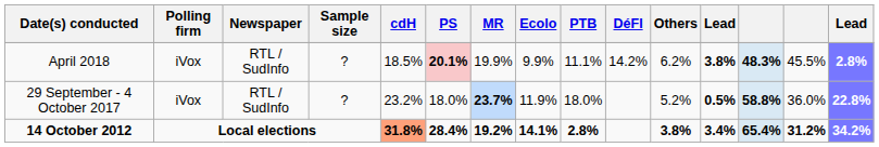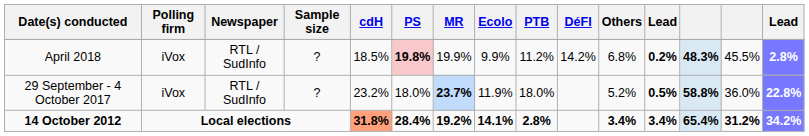 <table class="wikitable sortable" style="text-align:center; font-size:85%; line-height:16px;">
 <tr style="background-color:#E9E9E9">
 <th rowspan="1">Date(s) conducted</th>
 <th rowspan="1">Polling firm</th>
 <th rowspan="1">Newspaper</th>
 <th rowspan="1">Sample size</th>
 <th><a href='#'><span>cdH</span></a></th>
 <th><a href='#'><span>PS</span></a></th>
 <th><a href='#'><span>MR</span></a></th>
 <th><a href='#'><span>Ecolo</span></a></th>
 <th><a href='#'><span>PTB</span></a></th>
 <th><a href='#'><span>DéFI</span></a></th>
 <th rowspan="1">Others</th>
 <th rowspan="1">Lead</th>
 <th></th>
 <th></th>
 <th rowspan="1">Lead</th>
 </tr>
 <tr style="background:#EFEFEF; font-weight:bold;">
 </tr>
 <tr>
 <td>April 2018</td>
 <td>iVox</td>
 <td>RTL / SudInfo </td>
 <td>?</td>
 <td>18.5%</td>
-<td style="background:#F9C8CA"><strong>20.1%</strong></td>
+<td style="background:#F9C8CA"><strong>19.8%</strong></td>
 <td>19.9%</td>
 <td>9.9%</td>
-<td>11.1%</td>
+<td>11.2%</td>
 <td>14.2%</td>
-<td>6.2%</td>
-<td style="background:"><strong>3.8%</strong></td>
+<td>6.8%</td>
+<td style="background:"><strong>0.2%</strong></td>
 <td style="background:#D9E9F4"><strong>48.3%</strong></td>
 <td>45.5%</td>
 <td style="background:#7777FF;color:white;"><strong>2.8%</strong></td>
 </tr>
 <tr>
 <td>29 September - 4 October 2017</td>
 <td>iVox</td>
 <td>RTL / SudInfo </td>
 <td>?</td>
 <td>23.2%</td>
 <td>18.0%</td>
 <td style="background:#C0DBFC"><strong>23.7%</strong></td>
 <td>11.9%</td>
 <td>18.0%</td>
 <td></td>
 <td>5.2%</td>
 <td style="background:"><strong>0.5%</strong></td>
 <td style="background:#D9E9F4"><strong>58.8%</strong></td>
 <td>36.0%</td>
 <td style="background:#7777FF;color:white;"><strong>22.8%</strong></td>
 </tr>
 <tr>
 <td><strong>14 October 2012</strong></td>
 <td colspan="3"><strong>Local elections</strong></td>
 <td style="background:#FFA07A"><strong>31.8%</strong></td>
 <td><strong>28.4%</strong></td>
 <td><strong>19.2%</strong></td>
 <td><strong>14.1%</strong></td>
 <td><strong>2.8%</strong></td>
 <td></td>
-<td><strong>3.8%</strong></td>
+<td><strong>3.4%</strong></td>
 <td style="background:"><strong>3.4%</strong></td>
 <td style="background:#D9E9F4"><strong>65.4%</strong></td>
 <td><strong>31.2%</strong></td>
 <td style="background:#7777FF;color:white;"><strong>34.2%</strong></td>
 </tr>
 </table>
